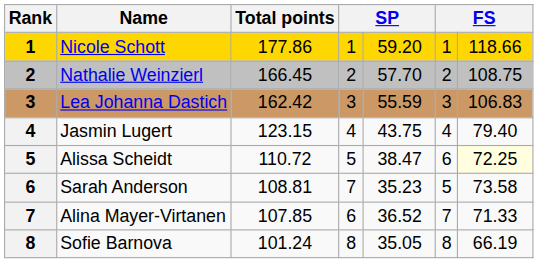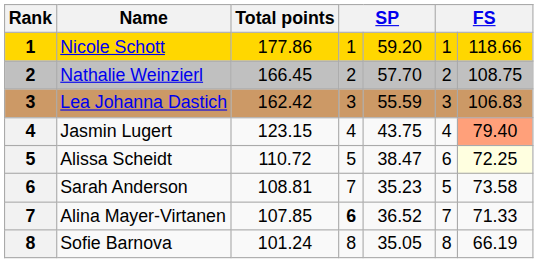 <table class="wikitable sortable">
 <tr>
 <th>Rank</th>
 <th>Name</th>
 <th>Total points</th>
 <th colspan="2" width="80px"><a href='#'>SP</a></th>
 <th colspan="2" width="80px"><a href='#'>FS</a></th>
 </tr>
 <tr bgcolor="gold">
 <td align="center"><strong>1</strong></td>
 <td><a href='#'>Nicole Schott</a></td>
 <td align="center">177.86</td>
 <td align="center">1</td>
 <td align="center">59.20</td>
 <td align="center">1</td>
 <td align="center">118.66</td>
 </tr>
 <tr bgcolor="silver">
 <td align="center"><strong>2</strong></td>
 <td><a href='#'>Nathalie Weinzierl</a></td>
 <td align="center">166.45</td>
 <td align="center">2</td>
 <td align="center">57.70</td>
 <td align="center">2</td>
 <td align="center">108.75</td>
 </tr>
 <tr bgcolor="cc9966">
 <td align="center"><strong>3</strong></td>
 <td><a href='#'>Lea Johanna Dastich</a></td>
 <td align="center">162.42</td>
 <td align="center">3</td>
 <td align="center">55.59</td>
 <td align="center">3</td>
 <td align="center">106.83</td>
 </tr>
 <tr>
 <th>4</th>
 <td>Jasmin Lugert</td>
 <td align="center">123.15</td>
 <td align="center">4</td>
 <td align="center">43.75</td>
 <td align="center">4</td>
-<td align="center">79.40</td>
+<td align="center" style="background: lightsalmon;">79.40</td>
 </tr>
 <tr>
 <th>5</th>
 <td>Alissa Scheidt</td>
 <td align="center">110.72</td>
 <td align="center">5</td>
 <td align="center">38.47</td>
 <td align="center">6</td>
 <td align="center" style="background: lightyellow;">72.25</td>
 </tr>
 <tr>
 <th>6</th>
 <td>Sarah Anderson</td>
 <td align="center">108.81</td>
 <td align="center">7</td>
 <td align="center">35.23</td>
 <td align="center">5</td>
 <td align="center">73.58</td>
 </tr>
 <tr>
 <th>7</th>
 <td>Alina Mayer-Virtanen</td>
 <td align="center">107.85</td>
-<td align="center">6</td>
+<td align="center"><strong>6</strong></td>
 <td align="center">36.52</td>
 <td align="center">7</td>
 <td align="center">71.33</td>
 </tr>
 <tr>
 <th>8</th>
 <td>Sofie Barnova</td>
 <td align="center">101.24</td>
 <td align="center">8</td>
 <td align="center">35.05</td>
 <td align="center">8</td>
 <td align="center">66.19</td>
 </tr>
 </table>
